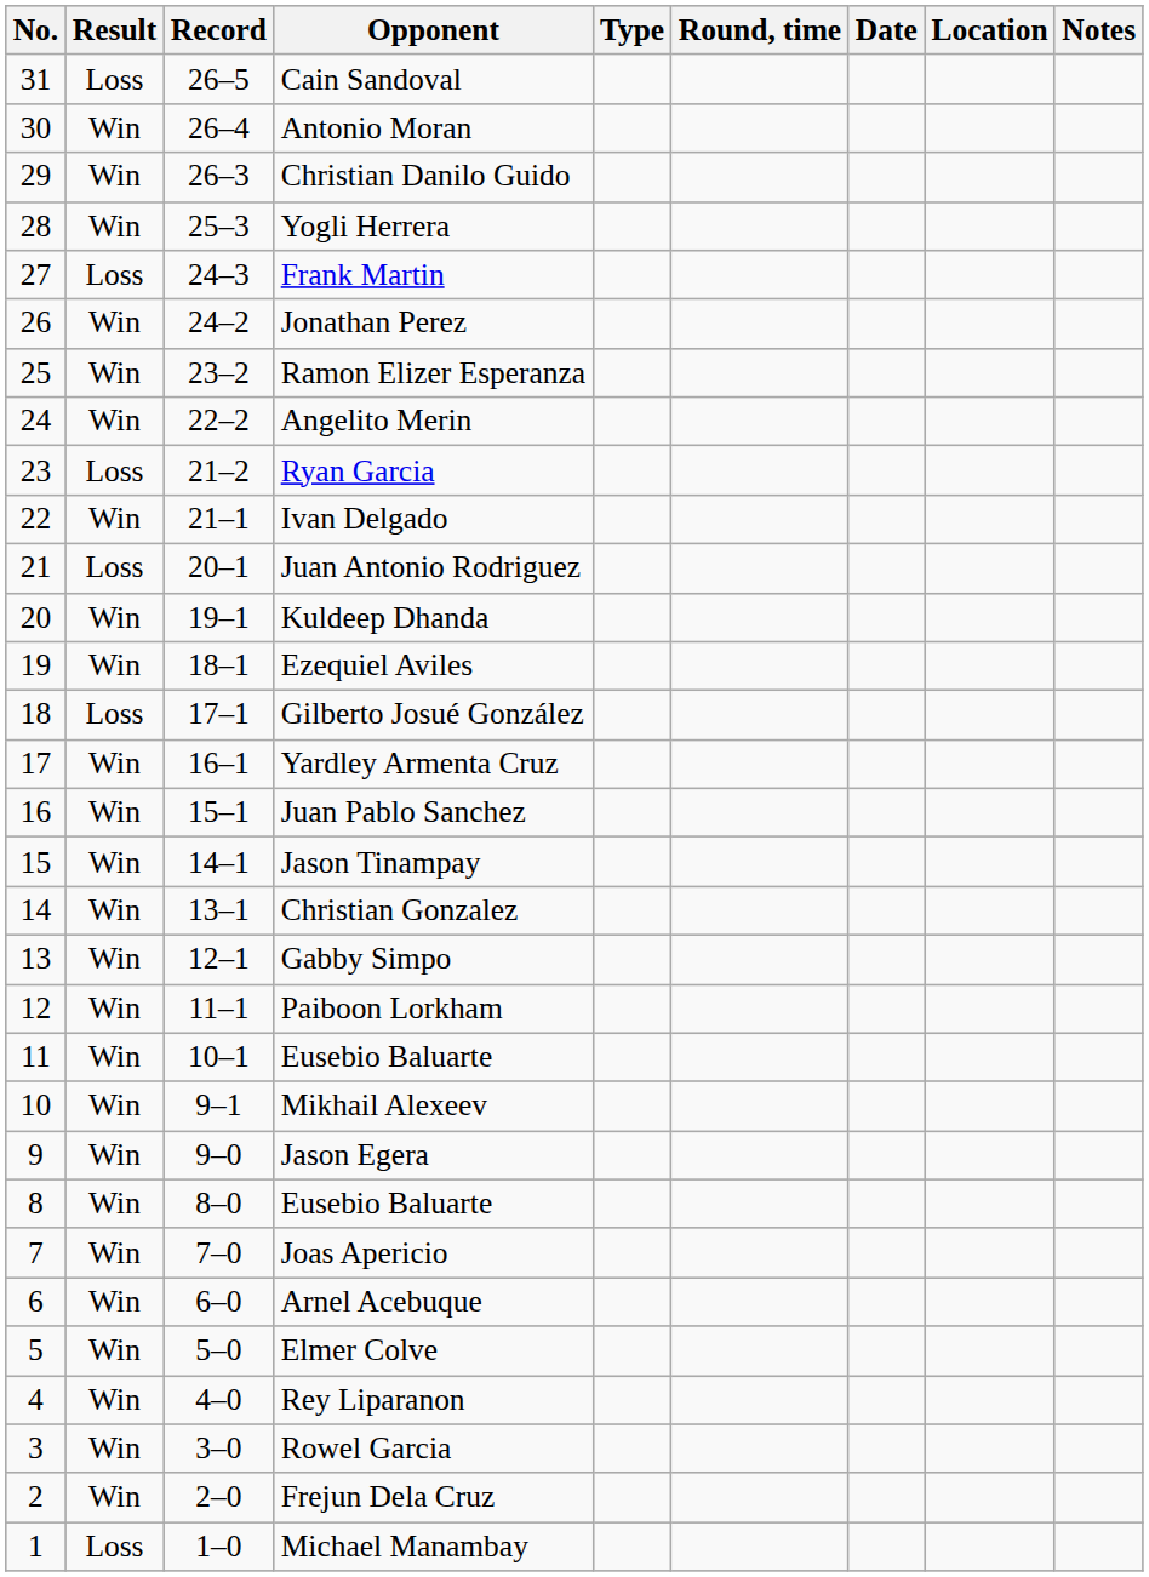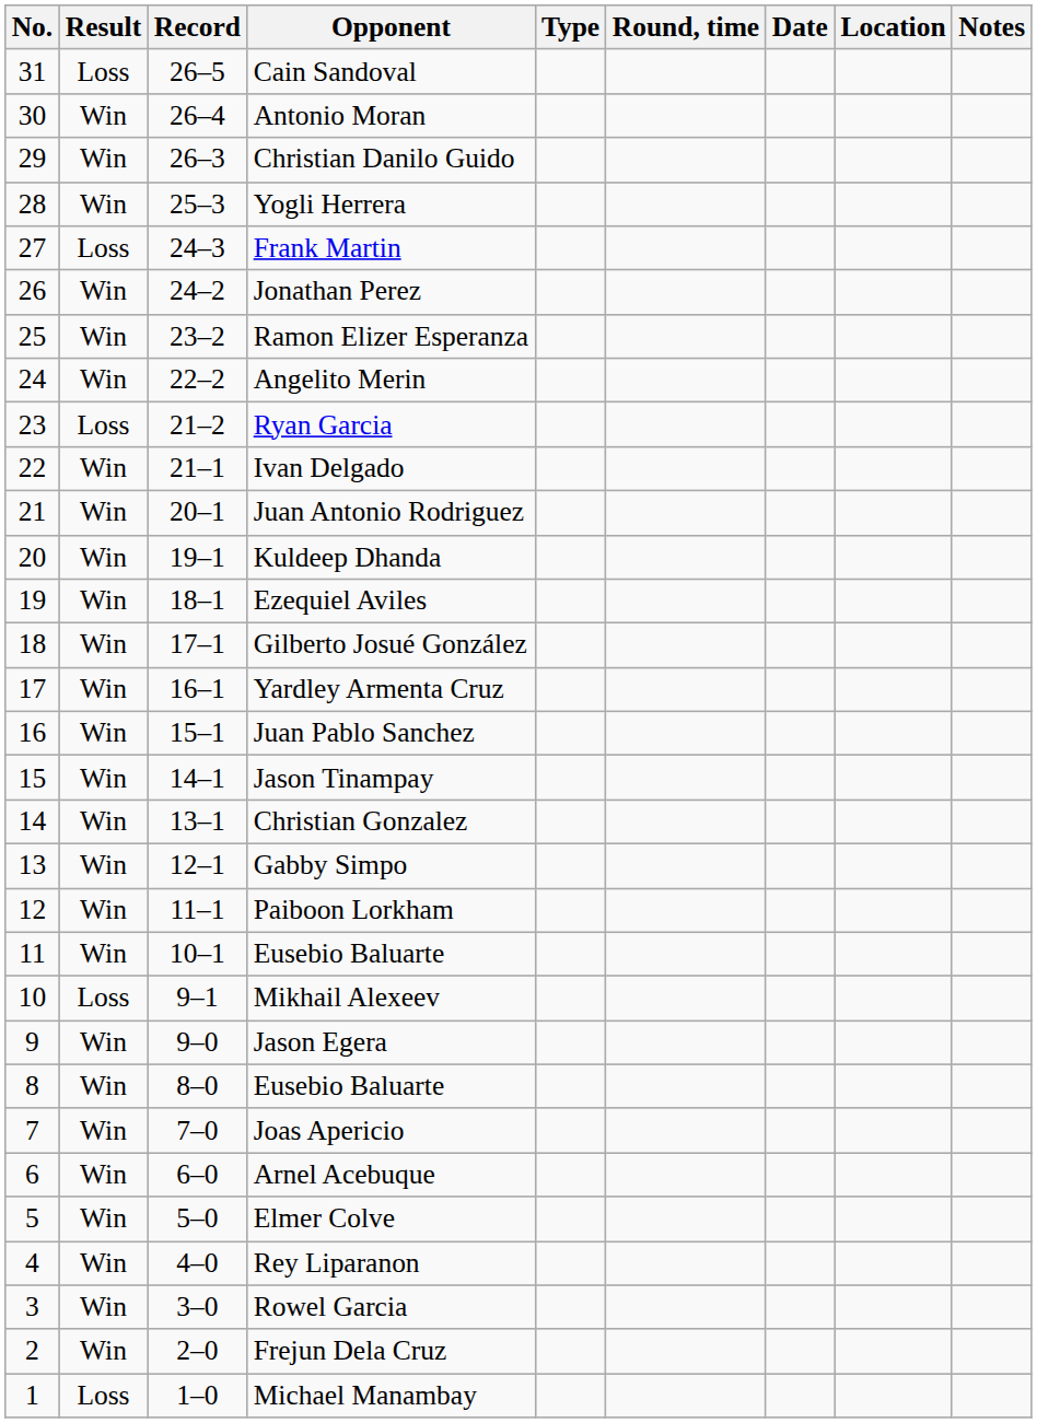 <table class="wikitable" style="text-align:center">
 <tr>
 <th>No.</th>
 <th>Result</th>
 <th>Record</th>
 <th>Opponent</th>
 <th>Type</th>
 <th>Round, time</th>
 <th>Date</th>
 <th>Location</th>
 <th>Notes</th>
 </tr>
 <tr>
 <td>31</td>
 <td>Loss</td>
 <td>26–5</td>
 <td align=left> Cain Sandoval</td>
 <td></td>
 <td></td>
 <td></td>
 <td align=left> </td>
 <td></td>
 </tr>
 <tr>
 <td>30</td>
 <td>Win</td>
 <td>26–4</td>
 <td align=left> Antonio Moran</td>
 <td></td>
 <td></td>
 <td></td>
 <td align=left> </td>
 <td></td>
 </tr>
 <tr>
 <td>29</td>
 <td>Win</td>
 <td>26–3</td>
 <td align=left> Christian Danilo Guido</td>
 <td></td>
 <td></td>
 <td></td>
 <td align=left> </td>
 <td></td>
 </tr>
 <tr>
 <td>28</td>
 <td>Win</td>
 <td>25–3</td>
 <td align=left> Yogli Herrera</td>
 <td></td>
 <td></td>
 <td></td>
 <td align=left> </td>
 <td></td>
 </tr>
 <tr>
 <td>27</td>
 <td>Loss</td>
 <td>24–3</td>
 <td align=left> <a href='#'>Frank Martin</a></td>
 <td></td>
 <td></td>
 <td></td>
 <td align=left> </td>
 <td></td>
 </tr>
 <tr>
 <td>26</td>
 <td>Win</td>
 <td>24–2</td>
 <td align=left> Jonathan Perez</td>
 <td></td>
 <td></td>
 <td></td>
 <td align=left> </td>
 <td></td>
 </tr>
 <tr>
 <td>25</td>
 <td>Win</td>
 <td>23–2</td>
 <td align=left> Ramon Elizer Esperanza</td>
 <td></td>
 <td></td>
 <td></td>
 <td align=left> </td>
 <td></td>
 </tr>
 <tr>
 <td>24</td>
 <td>Win</td>
 <td>22–2</td>
 <td align=left> Angelito Merin</td>
 <td></td>
 <td></td>
 <td></td>
 <td align=left> </td>
 <td></td>
 </tr>
 <tr>
 <td>23</td>
 <td>Loss</td>
 <td>21–2</td>
 <td align=left> <a href='#'>Ryan Garcia</a></td>
 <td></td>
 <td></td>
 <td></td>
 <td align=left> </td>
 <td align=left></td>
 </tr>
 <tr>
 <td>22</td>
 <td>Win</td>
 <td>21–1</td>
 <td align=left> Ivan Delgado</td>
 <td></td>
 <td></td>
 <td></td>
 <td align=left> </td>
 <td align=left></td>
 </tr>
 <tr>
 <td>21</td>
-<td>Loss</td>
+<td>Win</td>
 <td>20–1</td>
 <td align=left> Juan Antonio Rodriguez</td>
 <td></td>
 <td></td>
 <td></td>
 <td align=left> </td>
 <td align=left></td>
 </tr>
 <tr>
 <td>20</td>
 <td>Win</td>
 <td>19–1</td>
 <td align=left> Kuldeep Dhanda</td>
 <td></td>
 <td></td>
 <td></td>
 <td align=left> </td>
 <td align=left></td>
 </tr>
 <tr>
 <td>19</td>
 <td>Win</td>
 <td>18–1</td>
 <td align=left> Ezequiel Aviles</td>
 <td></td>
 <td></td>
 <td></td>
 <td align=left> </td>
 <td align=left></td>
 </tr>
 <tr>
 <td>18</td>
-<td>Loss</td>
+<td>Win</td>
 <td>17–1</td>
 <td align=left> Gilberto Josué González</td>
 <td></td>
 <td></td>
 <td></td>
 <td align=left> </td>
 <td align=left></td>
 </tr>
 <tr>
 <td>17</td>
 <td>Win</td>
 <td>16–1</td>
 <td align=left> Yardley Armenta Cruz</td>
 <td></td>
 <td></td>
 <td></td>
 <td align=left> </td>
 <td align=left></td>
 </tr>
 <tr>
 <td>16</td>
 <td>Win</td>
 <td>15–1</td>
 <td align=left> Juan Pablo Sanchez</td>
 <td></td>
 <td></td>
 <td></td>
 <td align=left> </td>
 <td align=left></td>
 </tr>
 <tr>
 <td>15</td>
 <td>Win</td>
 <td>14–1</td>
 <td align=left> Jason Tinampay</td>
 <td></td>
 <td></td>
 <td></td>
 <td align=left> </td>
 <td align=left></td>
 </tr>
 <tr>
 <td>14</td>
 <td>Win</td>
 <td>13–1</td>
 <td align=left> Christian Gonzalez</td>
 <td></td>
 <td></td>
 <td></td>
 <td align=left> </td>
 <td align=left></td>
 </tr>
 <tr>
 <td>13</td>
 <td>Win</td>
 <td>12–1</td>
 <td align=left> Gabby Simpo</td>
 <td></td>
 <td></td>
 <td></td>
 <td align=left> </td>
 <td align=left></td>
 </tr>
 <tr>
 <td>12</td>
 <td>Win</td>
 <td>11–1</td>
 <td align=left> Paiboon Lorkham</td>
 <td></td>
 <td></td>
 <td></td>
 <td align=left> </td>
 <td align=left></td>
 </tr>
 <tr>
 <td>11</td>
 <td>Win</td>
 <td>10–1</td>
 <td align=left> Eusebio Baluarte</td>
 <td></td>
 <td></td>
 <td></td>
 <td align=left> </td>
 <td align=left></td>
 </tr>
 <tr>
 <td>10</td>
-<td>Win</td>
+<td>Loss</td>
 <td>9–1</td>
 <td align=left> Mikhail Alexeev</td>
 <td></td>
 <td></td>
 <td></td>
 <td align=left> </td>
 <td align=left></td>
 </tr>
 <tr>
 <td>9</td>
 <td>Win</td>
 <td>9–0</td>
 <td align=left> Jason Egera</td>
 <td></td>
 <td></td>
 <td></td>
 <td align=left> </td>
 <td align=left></td>
 </tr>
 <tr>
 <td>8</td>
 <td>Win</td>
 <td>8–0</td>
 <td align=left> Eusebio Baluarte</td>
 <td></td>
 <td></td>
 <td></td>
 <td align=left> </td>
 <td align=left></td>
 </tr>
 <tr>
 <td>7</td>
 <td>Win</td>
 <td>7–0</td>
 <td align=left> Joas Apericio</td>
 <td></td>
 <td></td>
 <td></td>
 <td align=left> </td>
 <td align=left></td>
 </tr>
 <tr>
 <td>6</td>
 <td>Win</td>
 <td>6–0</td>
 <td align=left> Arnel Acebuque</td>
 <td></td>
 <td></td>
 <td></td>
 <td align=left> </td>
 <td align=left></td>
 </tr>
 <tr>
 <td>5</td>
 <td>Win</td>
 <td>5–0</td>
 <td align=left> Elmer Colve</td>
 <td></td>
 <td></td>
 <td></td>
 <td align=left> </td>
 <td align=left></td>
 </tr>
 <tr>
 <td>4</td>
 <td>Win</td>
 <td>4–0</td>
 <td align=left> Rey Liparanon</td>
 <td></td>
 <td></td>
 <td></td>
 <td align=left> </td>
 <td align=left></td>
 </tr>
 <tr>
 <td>3</td>
 <td>Win</td>
 <td>3–0</td>
 <td align=left> Rowel Garcia</td>
 <td></td>
 <td></td>
 <td></td>
 <td align=left> </td>
 <td align=left></td>
 </tr>
 <tr>
 <td>2</td>
 <td>Win</td>
 <td>2–0</td>
 <td align=left> Frejun Dela Cruz</td>
 <td></td>
 <td></td>
 <td></td>
 <td align=left> </td>
 <td align=left></td>
 </tr>
 <tr>
 <td>1</td>
 <td>Loss</td>
 <td>1–0</td>
 <td align=left> Michael Manambay</td>
 <td></td>
 <td></td>
 <td></td>
 <td align=left> </td>
 <td style="text-align:left;"></td>
 </tr>
 </table>
